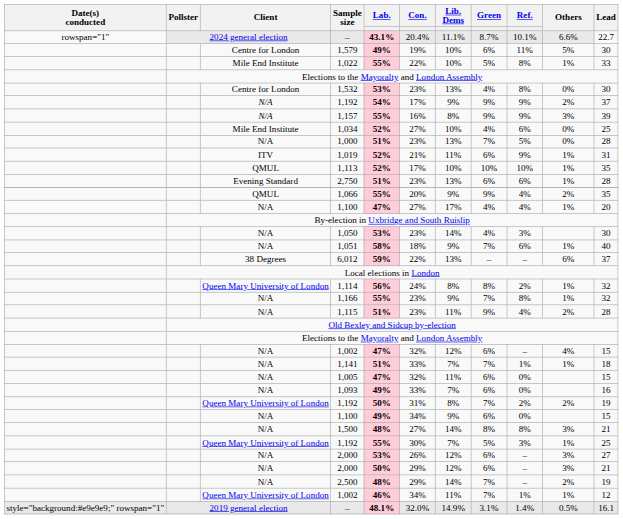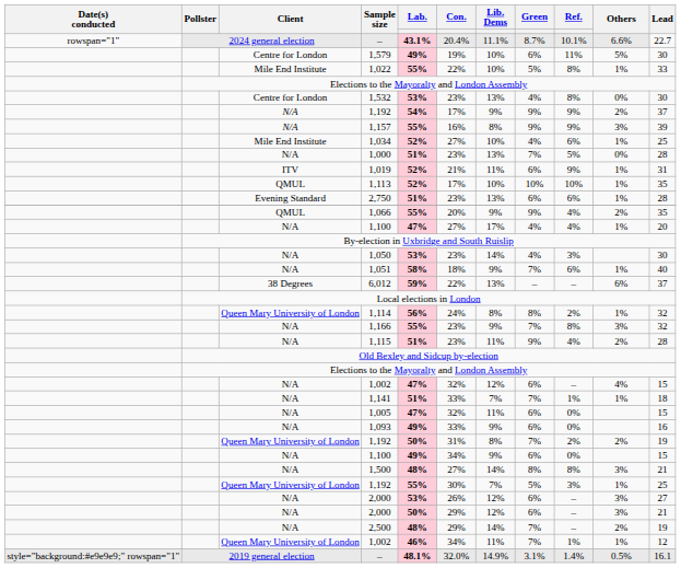 <table class="wikitable sortable mw-datatable" style="text-align:center; font-size:90%; line-height:14px;">
 <tr>
 <th rowspan="2">Date(s) <br>conducted</th>
 <th rowspan="2">Pollster</th>
 <th rowspan="2">Client</th>
 <th rowspan="2" data-sort-type="number">Sample <br>size</th>
 <th class="unsortable" style="width:50px;"><a href='#'>Lab.</a></th>
 <th class="unsortable" style="width:50px;"><a href='#'>Con.</a></th>
 <th class="unsortable" style="width:50px;"><a href='#'>Lib. Dems</a></th>
 <th class="unsortable" style="width:50px;"><a href='#'>Green</a></th>
 <th class="unsortable" style="width:50px;"><a href='#'>Ref.</a></th>
 <th rowspan="2" class="unsortable" style="width:75px;">Others</th>
 <th rowspan="2" data-sort-type="number">Lead</th>
 </tr>
 <tr>
 <th data-sort-type="number" style="background:"></th>
 <th data-sort-type="number" style="background:"></th>
 <th data-sort-type="number" style="background:"></th>
 <th data-sort-type="number" style="background:"></th>
 <th data-sort-type="number" style="background:"></th>
 </tr>
 <tr>
 <td>rowspan="1" </td>
 <td style="background:#e9e9e9;" colspan="2"><a href='#'>2024 general election</a></td>
 <td style="background:#e9e9e9;">–</td>
 <td style="background:#ffccd9;"><strong>43.1%</strong></td>
 <td style="background:#e9e9e9;">20.4%</td>
 <td style="background:#e9e9e9;">11.1%</td>
 <td style="background:#e9e9e9;">8.7%</td>
 <td style="background:#e9e9e9;">10.1%</td>
 <td style="background:#e9e9e9;">6.6%</td>
 <td style="background:">22.7</td>
 </tr>
 <tr>
 <td></td>
 <td></td>
 <td>Centre for London</td>
 <td>1,579</td>
 <td style="background:#FFCCD9;"><strong>49%</strong></td>
 <td>19%</td>
 <td>10%</td>
 <td>6%</td>
 <td>11%</td>
 <td>5%</td>
 <td style="background:">30</td>
 </tr>
 <tr>
 <td></td>
 <td></td>
 <td>Mile End Institute</td>
 <td>1,022</td>
 <td style="background:#FFCCD9;"><strong>55%</strong></td>
 <td>22%</td>
 <td>10%</td>
 <td>5%</td>
 <td>8%</td>
 <td>1%</td>
 <td style="background:">33</td>
 </tr>
 <tr>
 <td></td>
 <td colspan="10">Elections to the <a href='#'>Mayoralty</a> and <a href='#'>London Assembly</a></td>
 </tr>
 <tr>
 <td></td>
 <td></td>
 <td>Centre for London</td>
 <td>1,532</td>
 <td style="background:#FFCCD9;"><strong>53%</strong></td>
 <td>23%</td>
 <td>13%</td>
 <td>4%</td>
 <td>8%</td>
 <td>0%</td>
 <td style="background:">30</td>
 </tr>
 <tr>
 <td></td>
 <td></td>
 <td><em>N/A</em></td>
 <td>1,192</td>
 <td style="background:#FFCCD9;"><strong>54%</strong></td>
 <td>17%</td>
 <td>9%</td>
 <td>9%</td>
 <td>9%</td>
 <td>2%</td>
 <td style="background:">37</td>
 </tr>
 <tr>
 <td></td>
 <td></td>
 <td><em>N/A</em></td>
 <td>1,157</td>
 <td style="background:#FFCCD9;"><strong>55%</strong></td>
 <td>16%</td>
 <td>8%</td>
 <td>9%</td>
 <td>9%</td>
 <td>3%</td>
 <td style="background:">39</td>
 </tr>
 <tr>
 <td></td>
 <td></td>
 <td>Mile End Institute</td>
 <td>1,034</td>
 <td style="background:#FFCCD9;"><strong>52%</strong></td>
 <td>27%</td>
 <td>10%</td>
 <td>4%</td>
 <td>6%</td>
-<td>0%</td>
+<td>1%</td>
 <td style="background:">25</td>
 </tr>
 <tr>
 <td></td>
 <td></td>
 <td>N/A</td>
 <td>1,000</td>
 <td style="background:#FFCCD9;"><strong>51%</strong></td>
 <td>23%</td>
 <td>13%</td>
 <td>7%</td>
 <td>5%</td>
 <td>0%</td>
 <td style="background:">28</td>
 </tr>
 <tr>
 <td></td>
 <td></td>
 <td>ITV</td>
 <td>1,019</td>
 <td style="background:#FFCCD9;"><strong>52%</strong></td>
 <td>21%</td>
 <td>11%</td>
 <td>6%</td>
 <td>9%</td>
 <td>1%</td>
 <td style="background:">31</td>
 </tr>
 <tr>
 <td></td>
 <td></td>
 <td>QMUL</td>
 <td>1,113</td>
 <td style="background:#FFCCD9;"><strong>52%</strong></td>
 <td>17%</td>
 <td>10%</td>
 <td>10%</td>
 <td>10%</td>
 <td>1%</td>
 <td style="background:">35</td>
 </tr>
 <tr>
 <td></td>
 <td></td>
 <td>Evening Standard</td>
 <td>2,750</td>
 <td style="background:#FFCCD9;"><strong>51%</strong></td>
 <td>23%</td>
 <td>13%</td>
 <td>6%</td>
 <td>6%</td>
 <td>1%</td>
 <td style="background:">28</td>
 </tr>
 <tr>
 </tr>
 <tr>
 <td></td>
 <td></td>
 <td>QMUL</td>
 <td>1,066</td>
 <td style="background:#FFCCD9;"><strong>55%</strong></td>
 <td>20%</td>
 <td>9%</td>
 <td>9%</td>
 <td>4%</td>
 <td>2%</td>
 <td style="background:">35</td>
 </tr>
 <tr>
 <td></td>
 <td></td>
 <td>N/A</td>
 <td>1,100</td>
 <td style="background:#FFCCD9;"><strong>47%</strong></td>
 <td>27%</td>
 <td>17%</td>
 <td>4%</td>
 <td>4%</td>
 <td>1%</td>
 <td style="background:">20</td>
 </tr>
 <tr>
 <td></td>
 <td colspan="12">By-election in <a href='#'>Uxbridge and South Ruislip</a></td>
 </tr>
 <tr>
 <td></td>
 <td></td>
 <td>N/A</td>
 <td>1,050</td>
 <td style="background:#FFCCD9;"><strong>53%</strong></td>
 <td>23%</td>
 <td>14%</td>
 <td>4%</td>
 <td>3%</td>
 <td></td>
 <td style="background:">30</td>
 </tr>
 <tr>
 <td></td>
 <td></td>
 <td>N/A</td>
 <td>1,051</td>
 <td style="background:#FFCCD9;"><strong>58%</strong></td>
 <td>18%</td>
 <td>9%</td>
 <td>7%</td>
 <td>6%</td>
 <td>1%</td>
 <td style="background:">40</td>
 </tr>
 <tr>
 <td></td>
 <td></td>
 <td>38 Degrees</td>
 <td>6,012</td>
 <td style="background:#FFCCD9;"><strong>59%</strong></td>
 <td>22%</td>
 <td>13%</td>
 <td>–</td>
 <td>–</td>
 <td>6%</td>
 <td style="background:">37</td>
 </tr>
 <tr>
 <td></td>
 <td colspan="12">Local elections in <a href='#'>London</a></td>
 </tr>
 <tr>
 <td></td>
 <td></td>
 <td><a href='#'>Queen Mary University of London</a></td>
 <td>1,114</td>
 <td style="background:#FFCCD9;"><strong>56%</strong></td>
 <td>24%</td>
 <td>8%</td>
 <td>8%</td>
 <td>2%</td>
 <td>1%</td>
 <td style="background:">32</td>
 </tr>
 <tr>
 <td></td>
 <td></td>
 <td>N/A</td>
 <td>1,166</td>
 <td style="background:#FFCCD9;"><strong>55%</strong></td>
 <td>23%</td>
 <td>9%</td>
 <td>7%</td>
 <td>8%</td>
-<td>1%</td>
+<td>3%</td>
 <td style="background:">32</td>
 </tr>
 <tr>
 <td></td>
 <td></td>
 <td>N/A</td>
 <td>1,115</td>
 <td style="background:#FFCCD9;"><strong>51%</strong></td>
 <td>23%</td>
 <td>11%</td>
 <td>9%</td>
 <td>4%</td>
 <td>2%</td>
 <td style="background:">28</td>
 </tr>
 <tr>
 <td></td>
 <td colspan="10"><a href='#'>Old Bexley and Sidcup by-election</a></td>
 </tr>
 <tr>
 <td></td>
 <td colspan="10">Elections to the <a href='#'>Mayoralty</a> and <a href='#'>London Assembly</a></td>
 </tr>
 <tr>
 <td></td>
 <td></td>
 <td>N/A</td>
 <td>1,002</td>
 <td style="background:#FFCCD9;"><strong>47%</strong></td>
 <td>32%</td>
 <td>12%</td>
 <td>6%</td>
 <td>–</td>
 <td>4%</td>
 <td style="background:">15</td>
 </tr>
 <tr>
 <td></td>
 <td></td>
 <td>N/A</td>
 <td>1,141</td>
 <td style="background:#FFCCD9;"><strong>51%</strong></td>
 <td>33%</td>
 <td>7%</td>
 <td>7%</td>
 <td>1%</td>
 <td>1%</td>
 <td style="background:">18</td>
 </tr>
 <tr>
 <td></td>
 <td></td>
 <td>N/A</td>
 <td>1,005</td>
 <td style="background:#FFCCD9;"><strong>47%</strong></td>
 <td>32%</td>
 <td>11%</td>
 <td>6%</td>
 <td>0%</td>
 <td></td>
 <td style="background:">15</td>
 </tr>
 <tr>
 <td></td>
 <td></td>
 <td>N/A</td>
 <td>1,093</td>
 <td style="background:#FFCCD9;"><strong>49%</strong></td>
 <td>33%</td>
-<td>7%</td>
+<td>9%</td>
 <td>6%</td>
 <td>0%</td>
 <td></td>
 <td style="background:">16</td>
 </tr>
 <tr>
 <td></td>
 <td></td>
 <td><a href='#'>Queen Mary University of London</a></td>
 <td>1,192</td>
 <td style="background:#FFCCD9;"><strong>50%</strong></td>
 <td>31%</td>
 <td>8%</td>
 <td>7%</td>
 <td>2%</td>
 <td>2%</td>
 <td style="background:">19</td>
 </tr>
 <tr>
 <td></td>
 <td></td>
 <td>N/A</td>
 <td>1,100</td>
 <td style="background:#FFCCD9;"><strong>49%</strong></td>
 <td>34%</td>
 <td>9%</td>
 <td>6%</td>
 <td>0%</td>
 <td></td>
 <td style="background:">15</td>
 </tr>
 <tr>
 <td></td>
 <td></td>
 <td>N/A</td>
 <td>1,500</td>
 <td style="background:#FFCCD9;"><strong>48%</strong></td>
 <td>27%</td>
 <td>14%</td>
 <td>8%</td>
 <td>8%</td>
 <td>3%</td>
 <td style="background:">21</td>
 </tr>
 <tr>
 <td></td>
 <td></td>
 <td><a href='#'>Queen Mary University of London</a></td>
 <td>1,192</td>
 <td style="background:#FFCCD9;"><strong>55%</strong></td>
 <td>30%</td>
 <td>7%</td>
 <td>5%</td>
 <td>3%</td>
 <td>1%</td>
 <td style="background:">25</td>
 </tr>
 <tr>
 <td></td>
 <td></td>
 <td>N/A</td>
 <td>2,000</td>
 <td style="background:#FFCCD9;"><strong>53%</strong></td>
 <td>26%</td>
 <td>12%</td>
 <td>6%</td>
 <td>–</td>
 <td>3%</td>
 <td style="background:">27</td>
 </tr>
 <tr>
 <td></td>
 <td></td>
 <td>N/A</td>
 <td>2,000</td>
 <td style="background:#FFCCD9;"><strong>50%</strong></td>
 <td>29%</td>
 <td>12%</td>
 <td>6%</td>
 <td>–</td>
 <td>3%</td>
 <td style="background:">21</td>
 </tr>
 <tr>
 <td></td>
 <td></td>
 <td>N/A</td>
 <td>2,500</td>
 <td style="background:#FFCCD9;"><strong>48%</strong></td>
 <td>29%</td>
 <td>14%</td>
 <td>7%</td>
 <td>–</td>
 <td>2%</td>
 <td style="background:">19</td>
 </tr>
 <tr>
 <td></td>
 <td></td>
 <td><a href='#'>Queen Mary University of London</a></td>
 <td>1,002</td>
 <td style="background:#FFCCD9;"><strong>46%</strong></td>
 <td>34%</td>
 <td>11%</td>
 <td>7%</td>
 <td>1%</td>
 <td>1%</td>
 <td style="background:">12</td>
 </tr>
 <tr style="background:#e9e9e9;">
 <td>style="background:#e9e9e9;" rowspan="1" </td>
 <td colspan="2" rowspan="1"><a href='#'>2019 general election</a></td>
 <td>–</td>
 <td style="background:#FFCCD9;"><strong>48.1%</strong></td>
 <td>32.0%</td>
 <td>14.9%</td>
 <td>3.1%</td>
 <td>1.4%</td>
 <td>0.5%</td>
 <td style="background:">16.1</td>
 </tr>
 </table>
